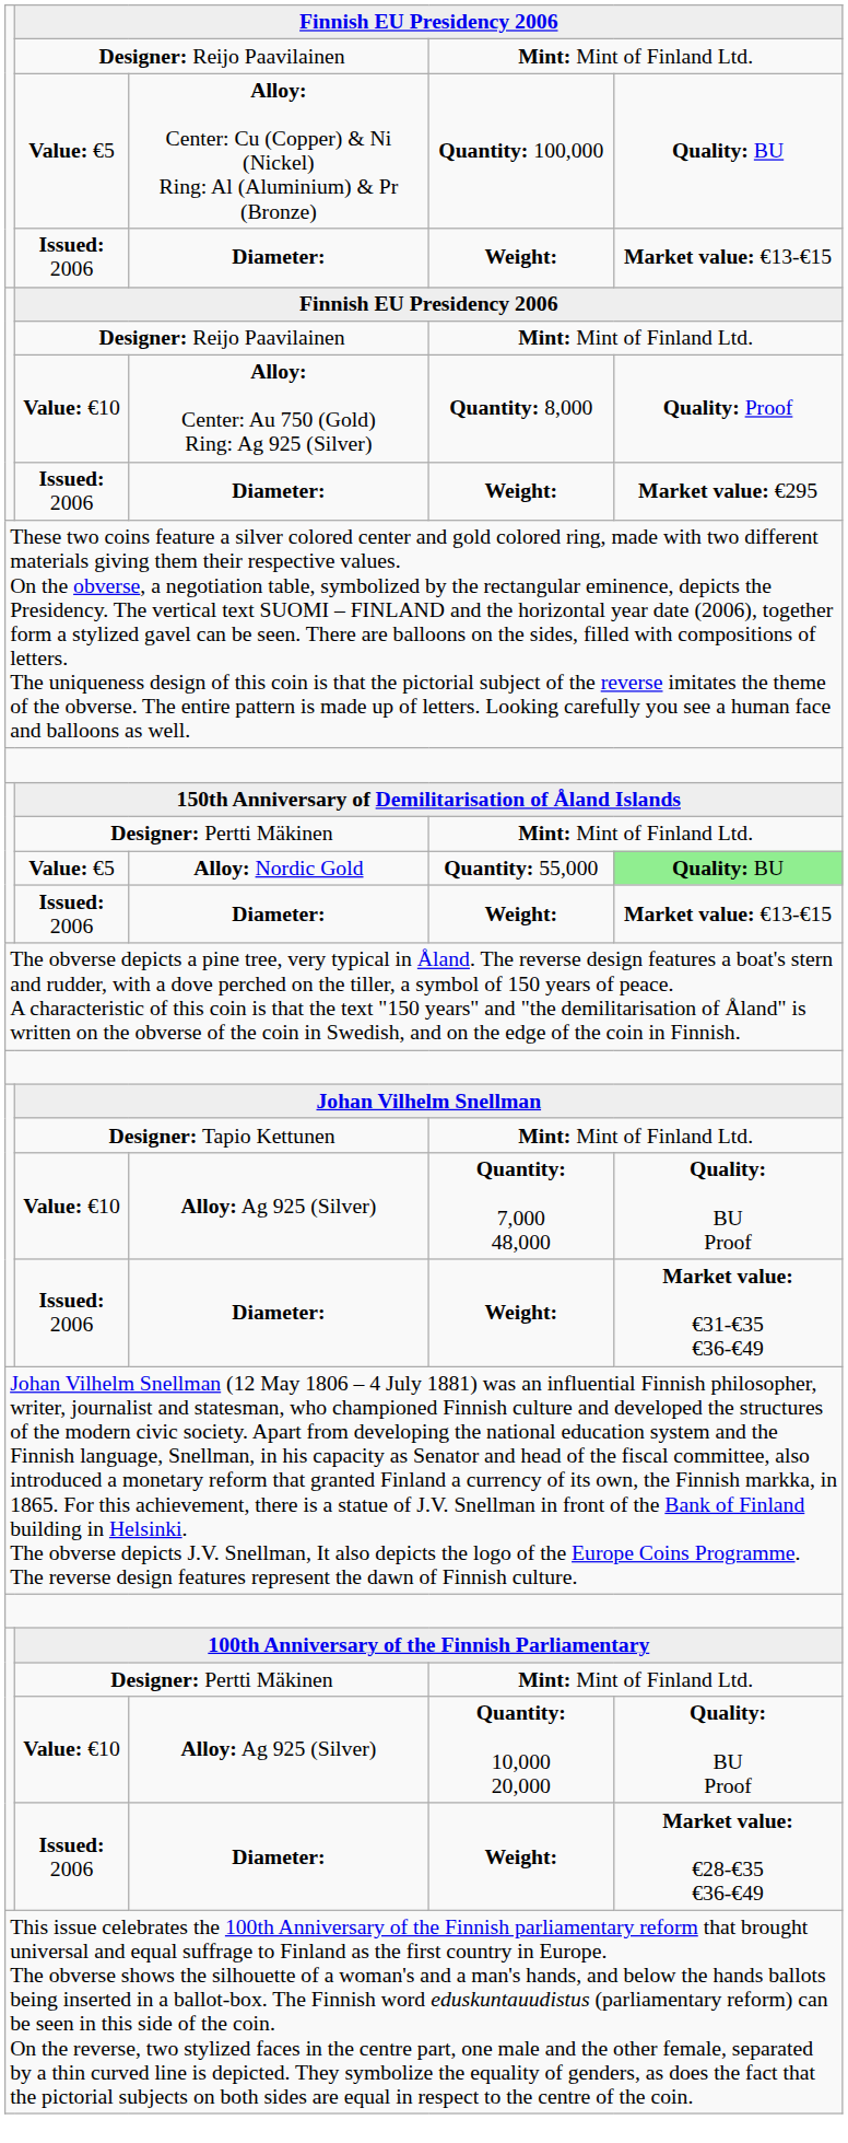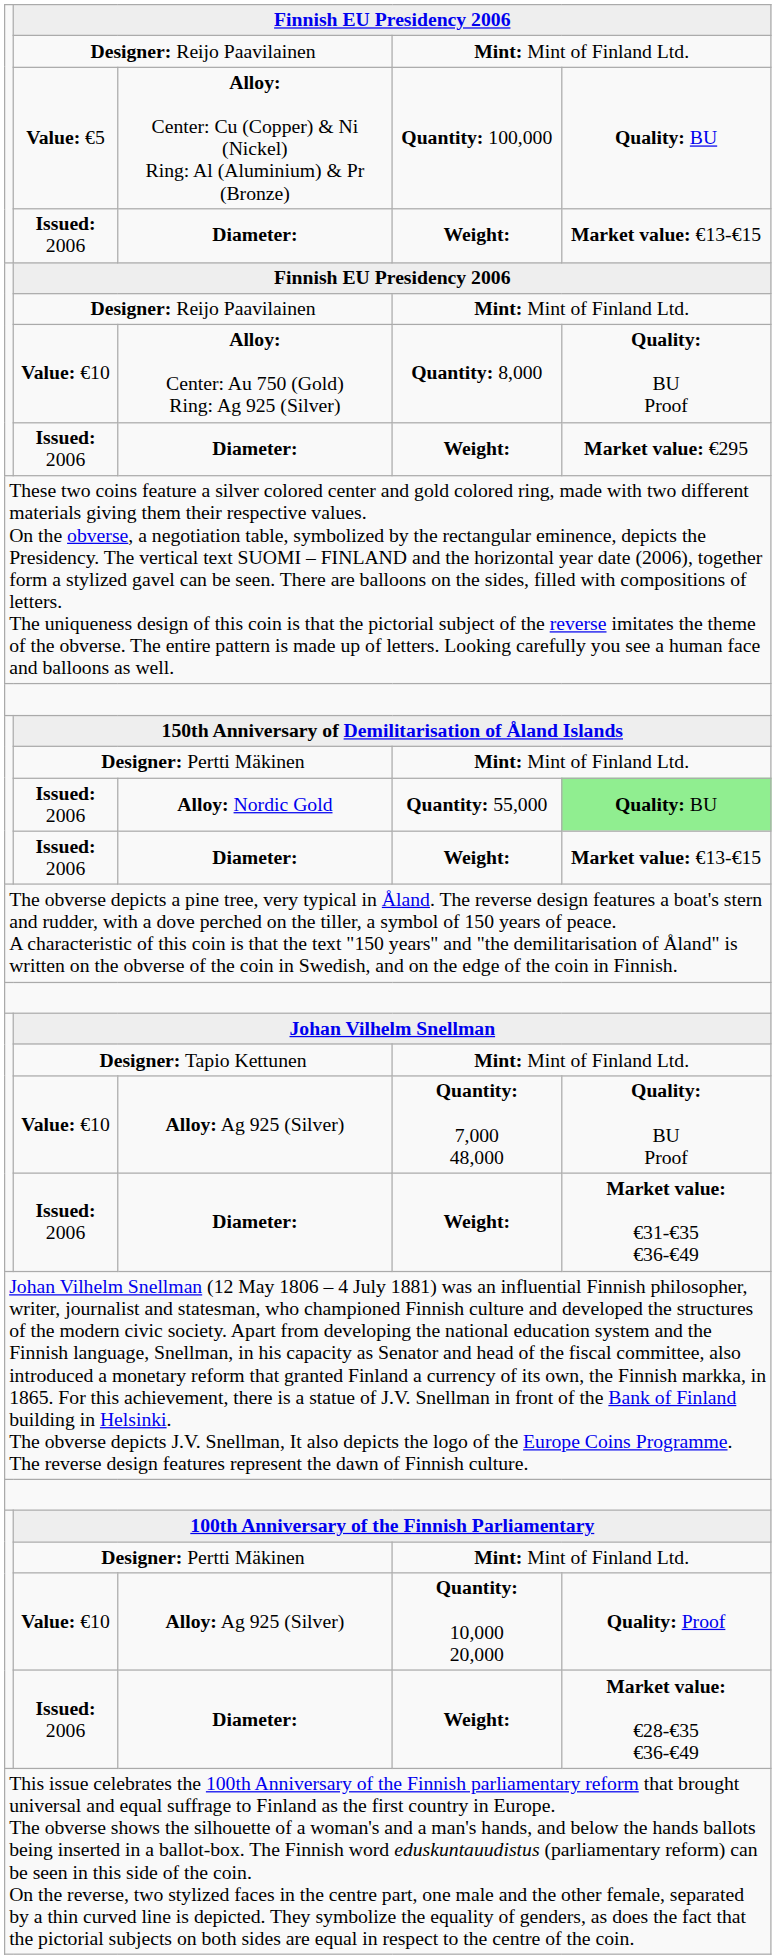 <table class="wikitable" style="width:100%;">
 <tr>
 <td rowspan="4"  style="white-space:nowrap; width:330px; text-align:center;"></td>
 <th colspan="4"  style="text-align:center; background:#eee;"><a href='#'>Finnish EU Presidency 2006</a></th>
 </tr>
 <tr style="text-align:center;">
 <td colspan="2"  style="width:50%; "><strong>Designer:</strong> Reijo Paavilainen</td>
 <td colspan="2"  style="width:50%; "><strong>Mint:</strong> Mint of Finland Ltd.</td>
 </tr>
 <tr>
 <td align=center><strong>Value:</strong> €5</td>
 <td align=center><strong>Alloy:</strong> <br><br>Center: Cu (Copper) & Ni (Nickel)<br> Ring: Al (Aluminium) & Pr (Bronze)</td>
 <td align=center><strong>Quantity:</strong> 100,000</td>
 <td align=center><strong>Quality:</strong> <a href='#'>BU</a></td>
 </tr>
 <tr>
 <td align=center><strong>Issued:</strong> 2006</td>
 <td align=center><strong>Diameter:</strong> </td>
 <td align=center><strong>Weight:</strong> </td>
 <td align=center><strong>Market value:</strong> €13-€15</td>
 </tr>
 <tr>
 <td rowspan="4"  style="white-space:nowrap; width:330px; text-align:center;"></td>
 <th colspan="4"  style="text-align:center; background:#eee;">Finnish EU Presidency 2006</th>
 </tr>
 <tr style="text-align:center;">
 <td colspan="2"  style="width:50%; "><strong>Designer:</strong> Reijo Paavilainen</td>
 <td colspan="2"  style="width:50%; "><strong>Mint:</strong> Mint of Finland Ltd.</td>
 </tr>
 <tr>
 <td align=center><strong>Value:</strong> €10</td>
 <td align=center><strong>Alloy:</strong>  <br><br>Center: Au 750 (Gold)<br> Ring: Ag 925 (Silver)</td>
 <td align=center><strong>Quantity:</strong>  8,000</td>
-<td align=center><strong>Quality:</strong> <a href='#'>Proof</a></td>
+<td align=center><strong>Quality:</strong> <br><br>BU<br> Proof</td>
 </tr>
 <tr>
 <td align=center><strong>Issued:</strong> 2006</td>
 <td align=center><strong>Diameter:</strong> </td>
 <td align=center><strong>Weight:</strong> </td>
 <td align=center><strong>Market value:</strong> €295</td>
 </tr>
 <tr>
 <td colspan="5" style="text-align:left;">These two coins feature a silver colored center and gold colored ring, made with two different materials giving them their respective values.<br>On the <a href='#'>obverse</a>, a negotiation table, symbolized by the rectangular eminence, depicts the Presidency. The vertical text SUOMI – FINLAND and the horizontal year date (2006), together form a stylized gavel can be seen. There are balloons on the sides, filled with compositions of letters.<br>The uniqueness design of this coin is that the pictorial subject of the <a href='#'>reverse</a> imitates the theme of the obverse. The entire pattern is made up of letters. Looking carefully you see a human face and balloons as well.</td>
 </tr>
 <tr>
 <td colspan="5"> </td>
 </tr>
 <tr>
 <td rowspan="4"  style="white-space:nowrap; width:330px; text-align:center;"></td>
 <th colspan="4"  style="text-align:center; background:#eee;">150th Anniversary of <a href='#'>Demilitarisation of Åland Islands</a></th>
 </tr>
 <tr style="text-align:center;">
 <td colspan="2"  style="width:50%; "><strong>Designer:</strong> Pertti Mäkinen</td>
 <td colspan="2"  style="width:50%; "><strong>Mint:</strong> Mint of Finland Ltd.</td>
 </tr>
 <tr>
-<td align=center><strong>Value:</strong> €5</td>
+<td align=center><strong>Issued:</strong> 2006</td>
 <td align=center><strong>Alloy:</strong> <a href='#'>Nordic Gold</a></td>
 <td align=center><strong>Quantity:</strong>  55,000</td>
 <td align=center style="background: lightgreen;"><strong>Quality:</strong> BU</td>
 </tr>
 <tr>
 <td align=center><strong>Issued:</strong> 2006</td>
 <td align=center><strong>Diameter:</strong> </td>
 <td align=center><strong>Weight:</strong> </td>
 <td align=center><strong>Market value:</strong> €13-€15</td>
 </tr>
 <tr>
 <td colspan="5" style="text-align:left;">The obverse depicts a pine tree, very typical in <a href='#'>Åland</a>. The reverse design features a boat's stern and rudder, with a dove perched on the tiller, a symbol of 150 years of peace.<br>A characteristic of this coin is that the text "150 years" and "the demilitarisation of Åland" is written on the obverse of the coin in Swedish, and on the edge of the coin in Finnish.</td>
 </tr>
 <tr>
 <td colspan="5"> </td>
 </tr>
 <tr>
 <td rowspan="4"  style="white-space:nowrap; width:330px; text-align:center;"></td>
 <th colspan="4"  style="text-align:center; background:#eee;"><a href='#'>Johan Vilhelm Snellman</a></th>
 </tr>
 <tr style="text-align:center;">
 <td colspan="2"  style="width:50%; "><strong>Designer:</strong> Tapio Kettunen</td>
 <td colspan="2"  style="width:50%; "><strong>Mint:</strong> Mint of Finland Ltd.</td>
 </tr>
 <tr>
 <td align=center><strong>Value:</strong> €10</td>
 <td align=center><strong>Alloy:</strong> Ag 925 (Silver)</td>
 <td align=center><strong>Quantity:</strong> <br><br>7,000<br> 48,000</td>
 <td align=center><strong>Quality:</strong> <br><br>BU<br> Proof</td>
 </tr>
 <tr>
 <td align=center><strong>Issued:</strong> 2006</td>
 <td align=center><strong>Diameter:</strong> </td>
 <td align=center><strong>Weight:</strong> </td>
 <td align=center><strong>Market value:</strong><br><br>€31-€35<br> €36-€49</td>
 </tr>
 <tr>
 <td colspan="5" style="text-align:left;"><a href='#'>Johan Vilhelm Snellman</a> (12 May 1806 – 4 July 1881) was an influential Finnish philosopher, writer, journalist and statesman, who championed Finnish culture and developed the structures of the modern civic society. Apart from developing the national education system and the Finnish language, Snellman, in his capacity as Senator and head of the fiscal committee, also introduced a monetary reform that granted Finland a currency of its own, the Finnish markka, in 1865. For this achievement, there is a statue of J.V. Snellman in front of the <a href='#'>Bank of Finland</a> building in <a href='#'>Helsinki</a>.<br>The obverse depicts J.V. Snellman, It also depicts the logo of the <a href='#'>Europe Coins Programme</a>. The reverse design features represent the dawn of Finnish culture.</td>
 </tr>
 <tr>
 <td colspan="5"> </td>
 </tr>
 <tr>
 <td rowspan="4"  style="white-space:nowrap; width:330px; text-align:center;"></td>
 <th colspan="4"  style="text-align:center; background:#eee;"><a href='#'>100th Anniversary of the Finnish Parliamentary</a></th>
 </tr>
 <tr style="text-align:center;">
 <td colspan="2"  style="width:50%; "><strong>Designer:</strong> Pertti Mäkinen</td>
 <td colspan="2"  style="width:50%; "><strong>Mint:</strong> Mint of Finland Ltd.</td>
 </tr>
 <tr>
 <td align=center><strong>Value:</strong> €10</td>
 <td align=center><strong>Alloy:</strong> Ag 925 (Silver)</td>
 <td align=center><strong>Quantity:</strong> <br><br>10,000<br> 20,000</td>
-<td align=center><strong>Quality:</strong> <br><br>BU<br> Proof</td>
+<td align=center><strong>Quality:</strong> <a href='#'>Proof</a></td>
 </tr>
 <tr>
 <td align=center><strong>Issued:</strong> 2006</td>
 <td align=center><strong>Diameter:</strong> </td>
 <td align=center><strong>Weight:</strong> </td>
 <td align=center><strong>Market value:</strong><br><br>€28-€35<br> €36-€49</td>
 </tr>
 <tr>
 <td colspan="5" style="text-align:left;">This issue celebrates the <a href='#'>100th Anniversary of the Finnish parliamentary reform</a> that brought universal and equal suffrage to Finland as the first country in Europe.<br>The obverse shows the silhouette of a woman's and a man's hands, and below the hands ballots being inserted in a ballot-box. The Finnish word <em>eduskuntauudistus</em> (parliamentary reform) can be seen in this side of the coin.<br>On the reverse, two stylized faces in the centre part, one male and the other female, separated by a thin curved line is depicted. They symbolize the equality of genders, as does the fact that the pictorial subjects on both sides are equal in respect to the centre of the coin.</td>
 </tr>
 </table>
